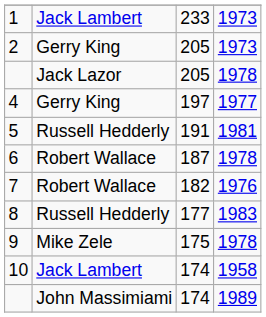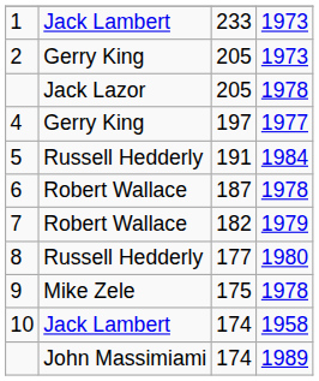 <table class="wikitable" style="display:inline-table;">
 <tr>
 </tr>
 <tr>
 <td>1</td>
 <td><a href='#'>Jack Lambert</a></td>
 <td>233</td>
 <td><a href='#'>1973</a></td>
 </tr>
 <tr>
 <td>2</td>
 <td>Gerry King</td>
 <td>205</td>
 <td><a href='#'>1973</a></td>
 </tr>
 <tr>
 <td></td>
 <td>Jack Lazor</td>
 <td>205</td>
 <td><a href='#'>1978</a></td>
 </tr>
 <tr>
 <td>4</td>
 <td>Gerry King</td>
 <td>197</td>
 <td><a href='#'>1977</a></td>
 </tr>
 <tr>
 <td>5</td>
 <td>Russell Hedderly</td>
 <td>191</td>
-<td><a href='#'>1981</a></td>
+<td><a href='#'>1984</a></td>
 </tr>
 <tr>
 <td>6</td>
 <td>Robert Wallace</td>
 <td>187</td>
 <td><a href='#'>1978</a></td>
 </tr>
 <tr>
 <td>7</td>
 <td>Robert Wallace</td>
 <td>182</td>
-<td><a href='#'>1976</a></td>
+<td><a href='#'>1979</a></td>
 </tr>
 <tr>
 <td>8</td>
 <td>Russell Hedderly</td>
 <td>177</td>
-<td><a href='#'>1983</a></td>
+<td><a href='#'>1980</a></td>
 </tr>
 <tr>
 <td>9</td>
 <td>Mike Zele</td>
 <td>175</td>
 <td><a href='#'>1978</a></td>
 </tr>
 <tr>
 <td>10</td>
 <td><a href='#'>Jack Lambert</a></td>
 <td>174</td>
 <td><a href='#'>1958</a></td>
 </tr>
 <tr>
 <td></td>
 <td>John Massimiami</td>
 <td>174</td>
 <td><a href='#'>1989</a></td>
 </tr>
 </table>
